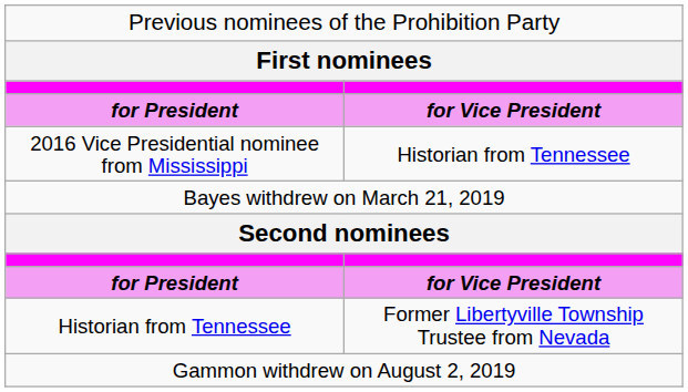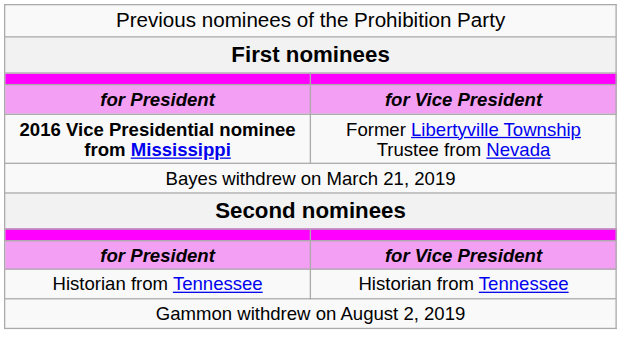 <table class="wikitable mw-collapsible mw-collapsed" style="font-size:90%; text-align:center">
 <tr>
 <td colspan=2 style=font-size:111%>Previous nominees of the Prohibition Party</td>
 </tr>
 <tr>
 <th colspan=2><big>First nominees</big></th>
 </tr>
 <tr>
 <th style="font-size:135%; background:#FF00FF"></th>
 <th style="font-size:135%; background:#FF00FF"></th>
 </tr>
 <tr style="color:#000; font-size:100%; background:#F39FF3">
 <td><strong><em>for President</em></strong></td>
 <td><strong><em>for Vice President</em></strong></td>
 </tr>
 <tr>
-<td style=width:16em>2016 Vice Presidential nominee<br>from <a href='#'>Mississippi</a></td>
-<td style=width:16em>Historian from <a href='#'>Tennessee</a></td>
+<td style=width:16em><strong>2016 Vice Presidential nominee<br>from <a href='#'>Mississippi</a></strong></td>
+<td style=width:16em>Former <a href='#'>Libertyville Township</a> Trustee from <a href='#'>Nevada</a></td>
 </tr>
 <tr>
 <td colspan=2>Bayes withdrew on March 21, 2019</td>
 </tr>
 <tr>
 <th colspan=2><big>Second nominees</big></th>
 </tr>
 <tr>
 <th style="font-size:135%; background:#FF00FF"></th>
 <th style="font-size:135%; background:#FF00FF"></th>
 </tr>
 <tr style="color:#000; font-size:100%; background:#F39FF3">
 <td><strong><em>for President</em></strong></td>
 <td><strong><em>for Vice President</em></strong></td>
 </tr>
 <tr>
 <td style=width:16em>Historian from <a href='#'>Tennessee</a></td>
-<td style=width:16em>Former <a href='#'>Libertyville Township</a> Trustee from <a href='#'>Nevada</a></td>
+<td style=width:16em>Historian from <a href='#'>Tennessee</a></td>
 </tr>
 <tr>
 <td colspan=2>Gammon withdrew on August 2, 2019</td>
 </tr>
 </table>
